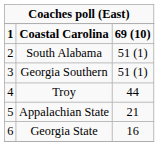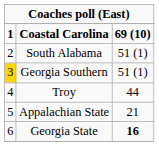 <table class="wikitable">
 <tr align="center">
 <td align="center" Colspan="3"><strong>Coaches poll (East)</strong></td>
 </tr>
 <tr align="center">
 </tr>
 <tr align="center">
 <td><strong>1</strong></td>
 <td><strong>Coastal Carolina</strong></td>
 <td><strong>69 (10)</strong></td>
 </tr>
 <tr align="center">
 <td>2</td>
 <td>South Alabama</td>
 <td>51 (1)</td>
 </tr>
 <tr align="center">
-<td>3</td>
+<td style="background: gold;">3</td>
 <td>Georgia Southern</td>
 <td>51 (1)</td>
 </tr>
 <tr align="center">
 <td>4</td>
 <td>Troy</td>
 <td>44</td>
 </tr>
 <tr align="center">
 <td>5</td>
 <td>Appalachian State</td>
 <td>21</td>
 </tr>
 <tr align="center">
 <td>6</td>
 <td>Georgia State</td>
-<td>16</td>
+<td><strong>16</strong></td>
 </tr>
 <tr align="center">
 </tr>
 </table>
